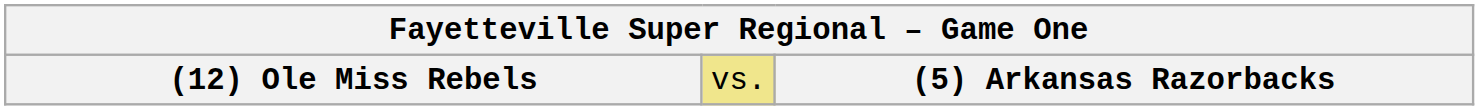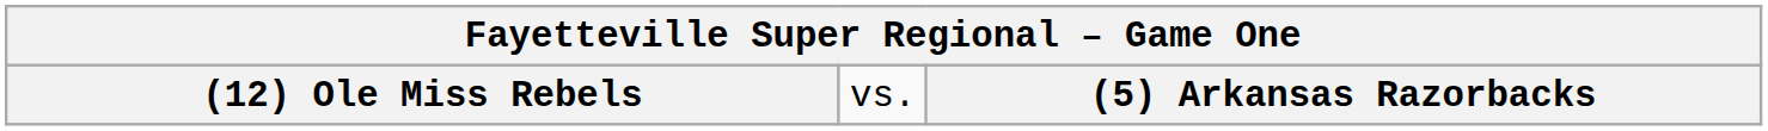 <table class="wikitable">
 <tr>
 <th style="width: 604px;" colspan=3>Fayetteville Super Regional – Game One</th>
 </tr>
 <tr>
 <th style="width: 289px; ">(12) Ole Miss Rebels</th>
-<td style="background: khaki; width: 25px; text-align:center">vs.</td>
+<td style="width: 25px; text-align:center">vs.</td>
 <th style="width: 289px; ">(5) Arkansas Razorbacks</th>
 </tr>
 </table>
